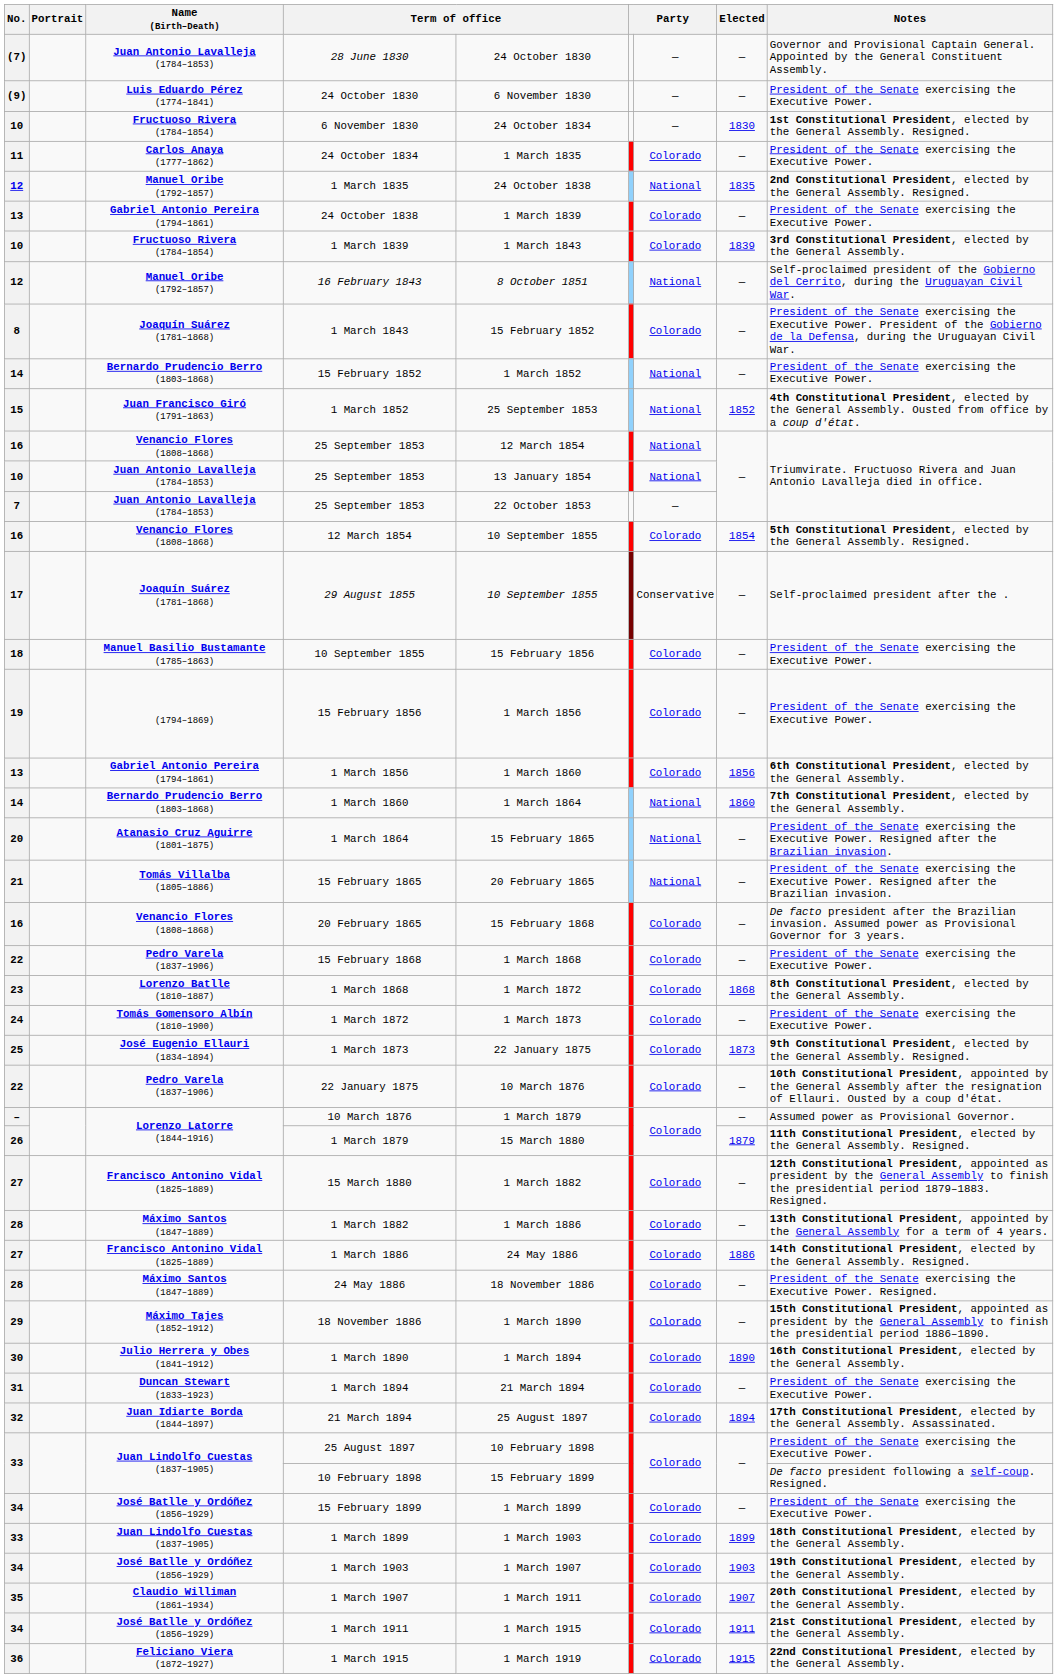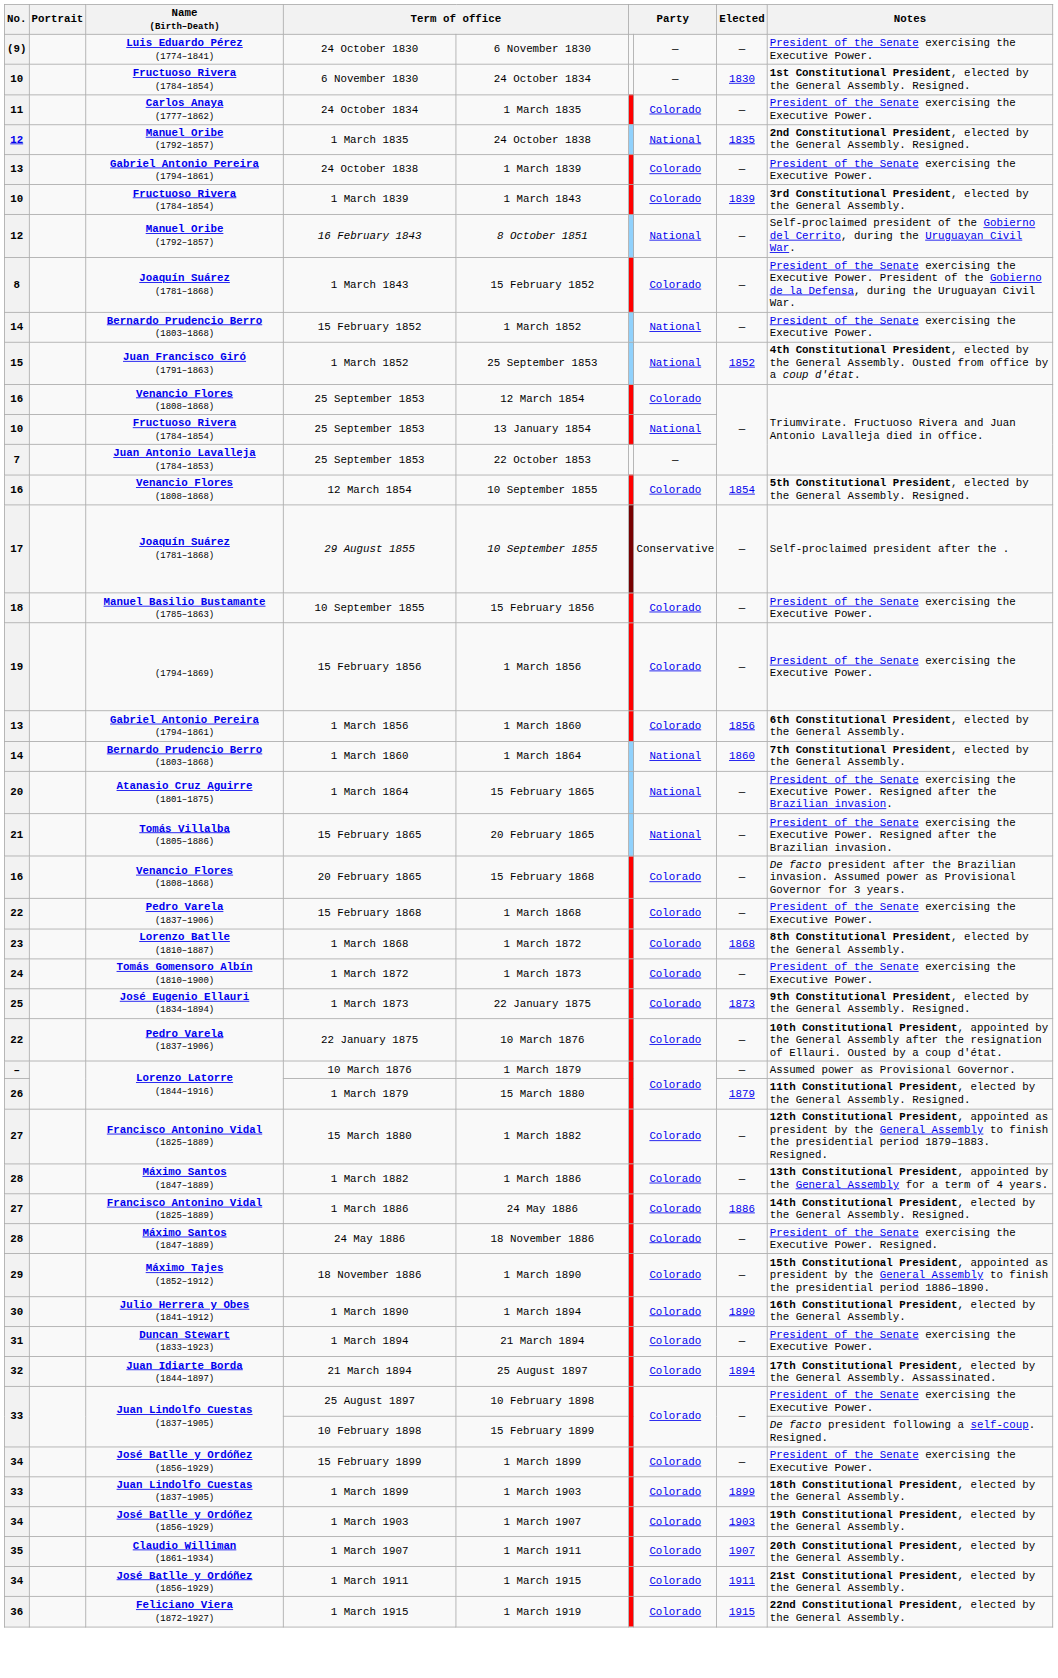 <table class="wikitable" width="100%" style="text-align: center;">
 <tr>
 <th width="2%">No.</th>
 <th width="5%">Portrait</th>
 <th width="20%">Name<br><small>(Birth–Death)</small></th>
 <th colspan="2" width="35%">Term of office</th>
 <th width="5%" colspan=2>Party</th>
 <th width="4%">Elected</th>
 <th width="29%">Notes</th>
-</tr>
-<tr>
-<th>(7)</th>
-<td></td>
-<td><strong><a href='#'>Juan Antonio Lavalleja</a></strong><br><small>(1784–1853)</small></td>
-<td height="50px"><em>28 June 1830</em></td>
-<td height="50px">24 October 1830</td>
-<td style="background-color:"></td>
-<td>—</td>
-<td>—</td>
-<td align=left>Governor and Provisional Captain General. Appointed by the General Constituent Assembly.</td>
 </tr>
 <tr>
 <th>(9)</th>
 <td></td>
 <td><strong><a href='#'>Luis Eduardo Pérez</a></strong><br><small>(1774–1841)</small></td>
 <td>24 October 1830</td>
 <td>6 November 1830</td>
 <td style="background-color:"></td>
 <td>—</td>
 <td>—</td>
 <td align=left><a href='#'>President of the Senate</a> exercising the Executive Power.</td>
 </tr>
 <tr>
 <th>10</th>
 <td></td>
 <td><strong><a href='#'>Fructuoso Rivera</a></strong><br><small>(1784–1854)</small></td>
 <td>6 November 1830</td>
 <td>24 October 1834</td>
 <td style="background-color:"></td>
 <td>—</td>
 <td><a href='#'>1830</a></td>
 <td align=left><strong>1st Constitutional President</strong>, elected by the General Assembly. Resigned.</td>
 </tr>
 <tr>
 <th>11</th>
 <td></td>
 <td><strong><a href='#'>Carlos Anaya</a></strong><br><small>(1777–1862)</small></td>
 <td>24 October 1834</td>
 <td>1 March 1835</td>
 <td bgcolor=red></td>
 <td><a href='#'>Colorado</a></td>
 <td>—</td>
 <td align=left><a href='#'>President of the Senate</a> exercising the Executive Power.</td>
 </tr>
 <tr>
 <th><a href='#'>12</a></th>
 <td></td>
 <td><strong><a href='#'>Manuel Oribe</a></strong><br><small>(1792–1857)</small></td>
 <td>1 March 1835</td>
 <td>24 October 1838</td>
 <td bgcolor=#90D1FC></td>
 <td><a href='#'>National</a></td>
 <td><a href='#'>1835</a></td>
 <td align=left><strong>2nd Constitutional President</strong>, elected by the General Assembly. Resigned.</td>
 </tr>
 <tr>
 <th>13</th>
 <td></td>
 <td><strong><a href='#'>Gabriel Antonio Pereira</a></strong><br><small>(1794–1861)</small></td>
 <td>24 October 1838</td>
 <td>1 March 1839</td>
 <td bgcolor=red></td>
 <td><a href='#'>Colorado</a></td>
 <td>—</td>
 <td align=left><a href='#'>President of the Senate</a> exercising the Executive Power.</td>
 </tr>
 <tr>
 <th>10</th>
 <td></td>
 <td><strong><a href='#'>Fructuoso Rivera</a></strong><br><small>(1784–1854)</small></td>
 <td>1 March 1839</td>
 <td>1 March 1843</td>
 <td bgcolor=red></td>
 <td><a href='#'>Colorado</a></td>
 <td><a href='#'>1839</a></td>
 <td align=left><strong>3rd Constitutional President</strong>, elected by the General Assembly.</td>
 </tr>
 <tr>
 <th>12</th>
 <td></td>
 <td><strong><a href='#'>Manuel Oribe</a></strong><br><small>(1792–1857)</small></td>
 <td><em>16 February 1843</em></td>
 <td><em>8 October 1851</em></td>
 <td bgcolor=#90D1FC></td>
 <td><a href='#'>National</a></td>
 <td>—</td>
 <td align=left>Self-proclaimed president of the <a href='#'>Gobierno del Cerrito</a>, during the <a href='#'>Uruguayan Civil War</a>.</td>
 </tr>
 <tr>
 <th>8</th>
 <td></td>
 <td><strong><a href='#'>Joaquín Suárez</a></strong><br><small>(1781–1868)</small></td>
 <td>1 March 1843</td>
 <td>15 February 1852</td>
 <td bgcolor=red></td>
 <td><a href='#'>Colorado</a></td>
 <td>—</td>
 <td align=left><a href='#'>President of the Senate</a> exercising the Executive Power. President of the <a href='#'>Gobierno de la Defensa</a>, during the Uruguayan Civil War.</td>
 </tr>
 <tr>
 <th>14</th>
 <td></td>
 <td><strong><a href='#'>Bernardo Prudencio Berro</a></strong><br><small>(1803–1868)</small></td>
 <td>15 February 1852</td>
 <td>1 March 1852</td>
 <td bgcolor=#90D1FC></td>
 <td><a href='#'>National</a></td>
 <td>—</td>
 <td align=left><a href='#'>President of the Senate</a> exercising the Executive Power.</td>
 </tr>
 <tr>
 <th>15</th>
 <td></td>
 <td><strong><a href='#'>Juan Francisco Giró</a></strong><br><small>(1791–1863)</small></td>
 <td>1 March 1852</td>
 <td>25 September 1853</td>
 <td bgcolor=#90D1FC></td>
 <td><a href='#'>National</a></td>
 <td><a href='#'>1852</a></td>
 <td align=left><strong>4th Constitutional President</strong>, elected by the General Assembly. Ousted from office by a <em>coup d'état</em>.</td>
 </tr>
 <tr>
 <th>16</th>
 <td></td>
 <td><strong><a href='#'>Venancio Flores</a></strong><br><small>(1808–1868)</small></td>
 <td>25 September 1853</td>
 <td>12 March 1854</td>
 <td bgcolor=red></td>
-<td><a href='#'>National</a></td>
+<td><a href='#'>Colorado</a></td>
 <td rowspan=3>—</td>
 <td align=left rowspan=3>Triumvirate. Fructuoso Rivera and Juan Antonio Lavalleja died in office.</td>
 </tr>
 <tr>
 <th>10</th>
 <td></td>
-<td><strong><a href='#'>Juan Antonio Lavalleja</a></strong><br><small>(1784–1853)</small></td>
+<td><strong><a href='#'>Fructuoso Rivera</a></strong><br><small>(1784–1854)</small></td>
 <td>25 September 1853</td>
 <td>13 January 1854</td>
 <td bgcolor=red></td>
 <td><a href='#'>National</a></td>
 </tr>
 <tr>
 <th>7</th>
 <td></td>
 <td><strong><a href='#'>Juan Antonio Lavalleja</a></strong><br><small>(1784–1853)</small></td>
 <td>25 September 1853</td>
 <td>22 October 1853</td>
 <td style="background-color:"></td>
 <td>—</td>
 </tr>
 <tr>
 <th>16</th>
 <td></td>
 <td><strong><a href='#'>Venancio Flores</a></strong><br><small>(1808–1868)</small></td>
 <td>12 March 1854</td>
 <td>10 September 1855</td>
 <td bgcolor=red></td>
 <td><a href='#'>Colorado</a></td>
 <td><a href='#'>1854</a></td>
 <td align=left><strong>5th Constitutional President</strong>, elected by the General Assembly. Resigned.</td>
 </tr>
 <tr>
 <th>17</th>
 <td height="100px"></td>
 <td><strong><a href='#'>Joaquín Suárez</a></strong><br><small>(1781–1868)</small></td>
 <td height="50px"><em>29 August 1855</em></td>
 <td height="50px"><em>10 September 1855</em></td>
 <td bgcolor=#770101></td>
 <td>Conservative</td>
 <td>—</td>
 <td align=left>Self-proclaimed president after the .</td>
 </tr>
 <tr>
 <th>18</th>
 <td></td>
 <td><strong><a href='#'>Manuel Basilio Bustamante</a></strong><br><small>(1785–1863)</small></td>
 <td>10 September 1855</td>
 <td>15 February 1856</td>
 <td bgcolor=red></td>
 <td><a href='#'>Colorado</a></td>
 <td>—</td>
 <td align=left><a href='#'>President of the Senate</a> exercising the Executive Power.</td>
 </tr>
 <tr>
 <th>19</th>
 <td height="100px"></td>
 <td><strong></strong><br><small>(1794–1869)</small></td>
 <td>15 February 1856</td>
 <td>1 March 1856</td>
 <td bgcolor=red></td>
 <td><a href='#'>Colorado</a></td>
 <td>—</td>
 <td align=left><a href='#'>President of the Senate</a> exercising the Executive Power.</td>
 </tr>
 <tr>
 <th>13</th>
 <td></td>
 <td><strong><a href='#'>Gabriel Antonio Pereira</a></strong><br><small>(1794–1861)</small></td>
 <td>1 March 1856</td>
 <td>1 March 1860</td>
 <td bgcolor=red></td>
 <td><a href='#'>Colorado</a></td>
 <td><a href='#'>1856</a></td>
 <td align=left><strong>6th Constitutional President</strong>, elected by the General Assembly.</td>
 </tr>
 <tr>
 <th>14</th>
 <td></td>
 <td><strong><a href='#'>Bernardo Prudencio Berro</a></strong><br><small>(1803–1868)</small></td>
 <td>1 March 1860</td>
 <td>1 March 1864</td>
 <td bgcolor=#90D1FC></td>
 <td><a href='#'>National</a></td>
 <td><a href='#'>1860</a></td>
 <td align=left><strong>7th Constitutional President</strong>, elected by the General Assembly.</td>
 </tr>
 <tr>
 <th>20</th>
 <td></td>
 <td><strong><a href='#'>Atanasio Cruz Aguirre</a></strong><br><small>(1801–1875)</small></td>
 <td>1 March 1864</td>
 <td>15 February 1865</td>
 <td bgcolor=#90D1FC></td>
 <td><a href='#'>National</a></td>
 <td>—</td>
 <td align=left><a href='#'>President of the Senate</a> exercising the Executive Power. Resigned after the <a href='#'>Brazilian invasion</a>.</td>
 </tr>
 <tr>
 <th>21</th>
 <td></td>
 <td><strong><a href='#'>Tomás Villalba</a></strong><br><small>(1805–1886)</small></td>
 <td>15 February 1865</td>
 <td>20 February 1865</td>
 <td bgcolor=#90D1FC></td>
 <td><a href='#'>National</a></td>
 <td>—</td>
 <td align=left><a href='#'>President of the Senate</a> exercising the Executive Power. Resigned after the Brazilian invasion.</td>
 </tr>
 <tr>
 <th>16</th>
 <td></td>
 <td><strong><a href='#'>Venancio Flores</a></strong><br><small>(1808–1868)</small></td>
 <td>20 February 1865</td>
 <td>15 February 1868</td>
 <td bgcolor=red></td>
 <td><a href='#'>Colorado</a></td>
 <td>—</td>
 <td align=left><em>De facto</em> president after the Brazilian invasion. Assumed power as Provisional Governor for 3 years.</td>
 </tr>
 <tr>
 <th>22</th>
 <td></td>
 <td><strong><a href='#'>Pedro Varela</a></strong><br><small>(1837–1906)</small></td>
 <td>15 February 1868</td>
 <td>1 March 1868</td>
 <td bgcolor=red></td>
 <td><a href='#'>Colorado</a></td>
 <td>—</td>
 <td align=left><a href='#'>President of the Senate</a> exercising the Executive Power.</td>
 </tr>
 <tr>
 <th>23</th>
 <td></td>
 <td><strong><a href='#'>Lorenzo Batlle</a></strong><br><small>(1810–1887)</small></td>
 <td>1 March 1868</td>
 <td>1 March 1872</td>
 <td bgcolor=red></td>
 <td><a href='#'>Colorado</a></td>
 <td><a href='#'>1868</a></td>
 <td align=left><strong>8th Constitutional President</strong>, elected by the General Assembly.</td>
 </tr>
 <tr>
 <th>24</th>
 <td></td>
 <td><strong><a href='#'>Tomás Gomensoro Albín</a></strong><br><small>(1810–1900)</small></td>
 <td>1 March 1872</td>
 <td>1 March 1873</td>
 <td bgcolor=red></td>
 <td><a href='#'>Colorado</a></td>
 <td>—</td>
 <td align=left><a href='#'>President of the Senate</a> exercising the Executive Power.</td>
 </tr>
 <tr>
 <th>25</th>
 <td></td>
 <td><strong><a href='#'>José Eugenio Ellauri</a></strong><br><small>(1834–1894)</small></td>
 <td>1 March 1873</td>
 <td>22 January 1875</td>
 <td bgcolor=red></td>
 <td><a href='#'>Colorado</a></td>
 <td><a href='#'>1873</a></td>
 <td align=left><strong>9th Constitutional President</strong>, elected by the General Assembly. Resigned.</td>
 </tr>
 <tr>
 <th>22</th>
 <td></td>
 <td><strong><a href='#'>Pedro Varela</a></strong><br><small>(1837–1906)</small></td>
 <td>22 January 1875</td>
 <td>10 March 1876</td>
 <td bgcolor=red></td>
 <td><a href='#'>Colorado</a></td>
 <td>—</td>
 <td align=left><strong>10th Constitutional President</strong>, appointed by the General Assembly after the resignation of Ellauri. Ousted by a coup d'état.</td>
 </tr>
 <tr>
 <th>–</th>
 <td rowspan=2></td>
 <td rowspan=2><strong><a href='#'>Lorenzo Latorre</a></strong><br><small>(1844–1916)</small></td>
 <td>10 March 1876</td>
 <td>1 March 1879</td>
 <td rowspan=2 bgcolor=red></td>
 <td rowspan=2><a href='#'>Colorado</a></td>
 <td>—</td>
 <td align=left>Assumed power as Provisional Governor.</td>
 </tr>
 <tr>
 <th>26</th>
 <td>1 March 1879</td>
 <td>15 March 1880</td>
 <td><a href='#'>1879</a></td>
 <td align=left><strong>11th Constitutional President</strong>, elected by the General Assembly. Resigned.</td>
 </tr>
 <tr>
 <th>27</th>
 <td></td>
 <td><strong><a href='#'>Francisco Antonino Vidal</a></strong><br><small>(1825–1889)</small></td>
 <td>15 March 1880</td>
 <td>1 March 1882</td>
 <td bgcolor=red></td>
 <td><a href='#'>Colorado</a></td>
 <td>—</td>
 <td align=left><strong>12th Constitutional President</strong>, appointed as president by the <a href='#'>General Assembly</a> to finish the presidential period 1879–1883. Resigned.</td>
 </tr>
 <tr>
 <th>28</th>
 <td></td>
 <td><strong><a href='#'>Máximo Santos</a></strong><br><small>(1847–1889)</small></td>
 <td>1 March 1882</td>
 <td>1 March 1886</td>
 <td bgcolor=red></td>
 <td><a href='#'>Colorado</a></td>
 <td>—</td>
 <td align=left><strong>13th Constitutional President</strong>, appointed by the <a href='#'>General Assembly</a> for a term of 4 years.</td>
 </tr>
 <tr>
 <th>27</th>
 <td></td>
 <td><strong><a href='#'>Francisco Antonino Vidal</a></strong><br><small>(1825–1889)</small></td>
 <td>1 March 1886</td>
 <td>24 May 1886</td>
 <td bgcolor=red></td>
 <td><a href='#'>Colorado</a></td>
 <td><a href='#'>1886</a></td>
 <td align=left><strong>14th Constitutional President</strong>, elected by the General Assembly. Resigned.</td>
 </tr>
 <tr>
 <th>28</th>
 <td></td>
 <td><strong><a href='#'>Máximo Santos</a></strong><br><small>(1847–1889)</small></td>
 <td>24 May 1886</td>
 <td>18 November 1886</td>
 <td bgcolor=red></td>
 <td><a href='#'>Colorado</a></td>
 <td>—</td>
 <td align=left><a href='#'>President of the Senate</a> exercising the Executive Power. Resigned.</td>
 </tr>
 <tr>
 <th>29</th>
 <td></td>
 <td><strong><a href='#'>Máximo Tajes</a></strong><br><small>(1852–1912)</small></td>
 <td>18 November 1886</td>
 <td>1 March 1890</td>
 <td bgcolor=red></td>
 <td><a href='#'>Colorado</a></td>
 <td>—</td>
 <td align=left><strong>15th Constitutional President</strong>, appointed as president by the <a href='#'>General Assembly</a> to finish the presidential period 1886–1890.</td>
 </tr>
 <tr>
 <th>30</th>
 <td></td>
 <td><strong><a href='#'>Julio Herrera y Obes</a></strong><br><small>(1841–1912)</small></td>
 <td>1 March 1890</td>
 <td>1 March 1894</td>
 <td bgcolor=red></td>
 <td><a href='#'>Colorado</a></td>
 <td><a href='#'>1890</a></td>
 <td align=left><strong>16th Constitutional President</strong>, elected by the General Assembly.</td>
 </tr>
 <tr>
 <th>31</th>
 <td></td>
 <td><strong><a href='#'>Duncan Stewart</a></strong><br><small>(1833–1923)</small></td>
 <td>1 March 1894</td>
 <td>21 March 1894</td>
 <td bgcolor=red></td>
 <td><a href='#'>Colorado</a></td>
 <td>—</td>
 <td align=left><a href='#'>President of the Senate</a> exercising the Executive Power.</td>
 </tr>
 <tr>
 <th>32</th>
 <td></td>
 <td><strong><a href='#'>Juan Idiarte Borda</a></strong><br><small>(1844–1897)</small></td>
 <td>21 March 1894</td>
 <td>25 August 1897</td>
 <td bgcolor=red></td>
 <td><a href='#'>Colorado</a></td>
 <td><a href='#'>1894</a></td>
 <td align=left><strong>17th Constitutional President</strong>, elected by the General Assembly. Assassinated.</td>
 </tr>
 <tr>
 <th rowspan=2>33</th>
 <td rowspan=2></td>
 <td rowspan=2><strong><a href='#'>Juan Lindolfo Cuestas</a></strong><br><small>(1837–1905)</small></td>
 <td>25 August 1897</td>
 <td>10 February 1898</td>
 <td rowspan=2 bgcolor=red></td>
 <td rowspan=2><a href='#'>Colorado</a></td>
 <td rowspan=2>—</td>
 <td align=left><a href='#'>President of the Senate</a> exercising the Executive Power.</td>
 </tr>
 <tr>
 <td>10 February 1898</td>
 <td>15 February 1899</td>
 <td align=left><em>De facto</em> president following a <a href='#'>self-coup</a>. Resigned.</td>
 </tr>
 <tr>
 <th>34</th>
 <td></td>
 <td><strong><a href='#'>José Batlle y Ordóñez</a></strong><br><small>(1856–1929)</small></td>
 <td>15 February 1899</td>
 <td>1 March 1899</td>
 <td bgcolor=red></td>
 <td><a href='#'>Colorado</a></td>
 <td>—</td>
 <td align=left><a href='#'>President of the Senate</a> exercising the Executive Power.</td>
 </tr>
 <tr>
 <th>33</th>
 <td></td>
 <td><strong><a href='#'>Juan Lindolfo Cuestas</a></strong><br><small>(1837–1905)</small></td>
 <td>1 March 1899</td>
 <td>1 March 1903</td>
 <td bgcolor=red></td>
 <td><a href='#'>Colorado</a></td>
 <td><a href='#'>1899</a></td>
 <td align=left><strong>18th Constitutional President</strong>, elected by the General Assembly.</td>
 </tr>
 <tr>
 <th>34</th>
 <td></td>
 <td><strong><a href='#'>José Batlle y Ordóñez</a></strong><br><small>(1856–1929)</small></td>
 <td>1 March 1903</td>
 <td>1 March 1907</td>
 <td bgcolor=red></td>
 <td><a href='#'>Colorado</a></td>
 <td><a href='#'>1903</a></td>
 <td align=left><strong>19th Constitutional President</strong>, elected by the General Assembly.</td>
 </tr>
 <tr>
 <th>35</th>
 <td></td>
 <td><strong><a href='#'>Claudio Williman</a></strong><br><small>(1861–1934)</small></td>
 <td>1 March 1907</td>
 <td>1 March 1911</td>
 <td bgcolor=red></td>
 <td><a href='#'>Colorado</a></td>
 <td><a href='#'>1907</a></td>
 <td align=left><strong>20th Constitutional President</strong>, elected by the General Assembly.</td>
 </tr>
 <tr>
 <th>34</th>
 <td></td>
 <td><strong><a href='#'>José Batlle y Ordóñez</a></strong><br><small>(1856–1929)</small></td>
 <td>1 March 1911</td>
 <td>1 March 1915</td>
 <td bgcolor=red></td>
 <td><a href='#'>Colorado</a></td>
 <td><a href='#'>1911</a></td>
 <td align=left><strong>21st Constitutional President</strong>, elected by the General Assembly.</td>
 </tr>
 <tr>
 <th>36</th>
 <td></td>
 <td><strong><a href='#'>Feliciano Viera</a></strong><br><small>(1872–1927)</small></td>
 <td>1 March 1915</td>
 <td>1 March 1919</td>
 <td bgcolor=red></td>
 <td><a href='#'>Colorado</a></td>
 <td><a href='#'>1915</a></td>
 <td align=left><strong>22nd Constitutional President</strong>, elected by the General Assembly.</td>
 </tr>
 </table>
